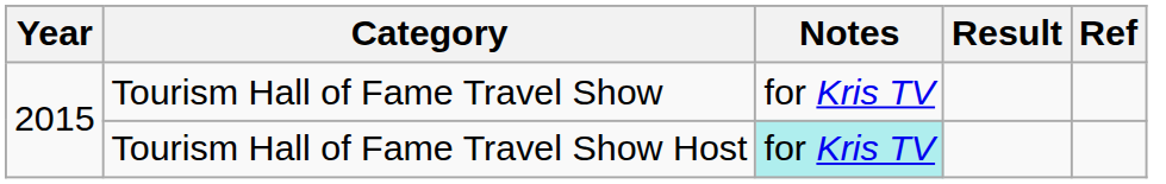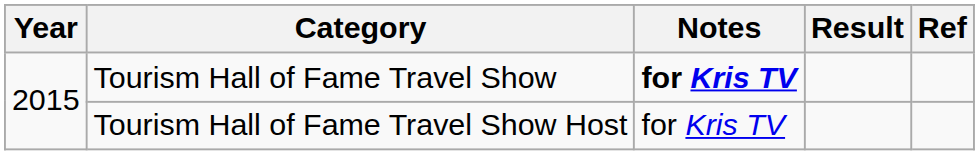 <table class="wikitable">
 <tr>
 <th>Year</th>
 <th>Category</th>
 <th>Notes</th>
 <th>Result</th>
 <th>Ref</th>
 </tr>
 <tr>
 <td rowspan="2">2015</td>
 <td>Tourism Hall of Fame Travel Show</td>
-<td>for <em><a href='#'>Kris TV</a></em></td>
+<td><strong>for <em><a href='#'>Kris TV</a></em></strong></td>
 <td></td>
 <td></td>
 </tr>
 <tr>
 <td>Tourism Hall of Fame Travel Show Host</td>
-<td style="background: paleturquoise;">for <em><a href='#'>Kris TV</a></em></td>
+<td>for <em><a href='#'>Kris TV</a></em></td>
 <td></td>
 <td></td>
 </tr>
 </table>
